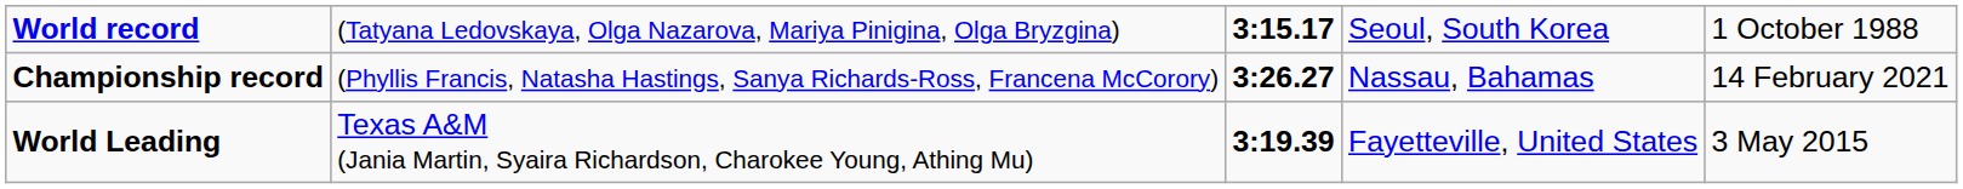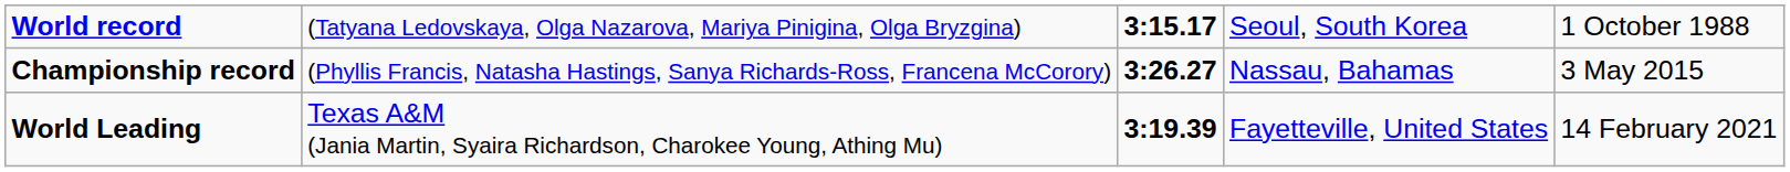 <table class="wikitable">
 <tr>
 <td><strong><a href='#'>World record</a></strong></td>
 <td><small>(<a href='#'>Tatyana Ledovskaya</a>, <a href='#'>Olga Nazarova</a>, <a href='#'>Mariya Pinigina</a>, <a href='#'>Olga Bryzgina</a>)</small></td>
 <td><strong>3:15.17</strong></td>
 <td> <a href='#'>Seoul</a>, <a href='#'>South Korea</a></td>
 <td>1 October 1988</td>
 </tr>
 <tr>
 <td><strong>Championship record</strong></td>
 <td><small>(<a href='#'>Phyllis Francis</a>, <a href='#'>Natasha Hastings</a>, <a href='#'>Sanya Richards-Ross</a>, <a href='#'>Francena McCorory</a>)</small></td>
 <td><strong>3:26.27</strong></td>
 <td> <a href='#'>Nassau</a>, <a href='#'>Bahamas</a></td>
-<td>14 February 2021</td>
+<td>3 May 2015</td>
 </tr>
 <tr>
 <td><strong>World Leading</strong></td>
 <td><a href='#'>Texas A&M</a><br><small>(Jania Martin, Syaira Richardson, Charokee Young, Athing Mu)</small></td>
 <td><strong>3:19.39</strong></td>
 <td> <a href='#'>Fayetteville</a>, <a href='#'>United States</a></td>
-<td>3 May 2015</td>
+<td>14 February 2021</td>
 </tr>
 </table>
